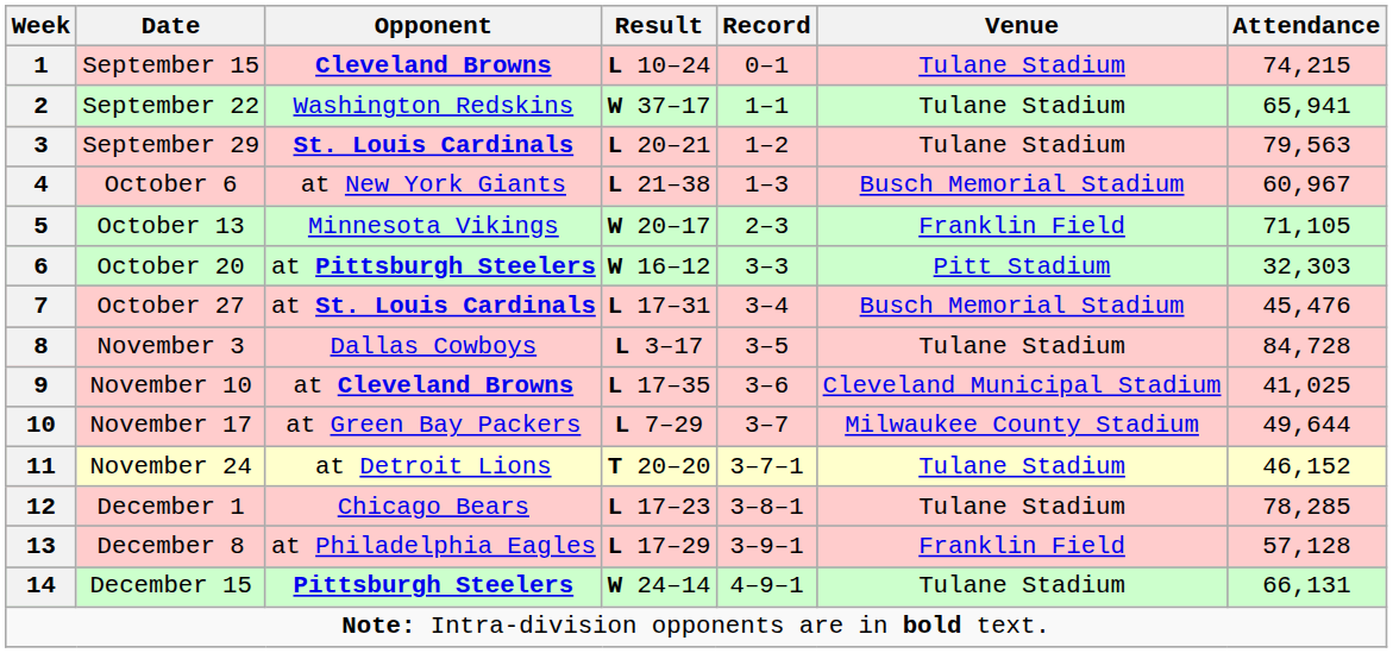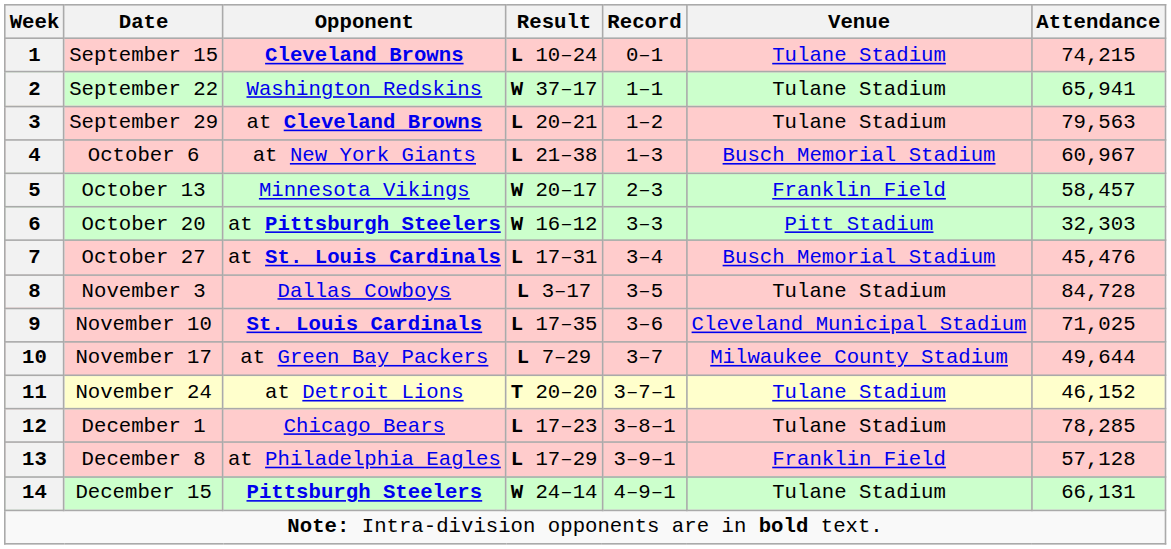 <table class="wikitable" style="text-align:center">
 <tr>
 <th>Week</th>
 <th>Date</th>
 <th>Opponent</th>
 <th>Result</th>
 <th>Record</th>
 <th>Venue</th>
 <th>Attendance</th>
 </tr>
 <tr style="background:#fcc">
 <th>1</th>
 <td>September 15</td>
 <td><strong><a href='#'>Cleveland Browns</a></strong></td>
 <td><strong>L</strong> 10–24</td>
 <td>0–1</td>
 <td><a href='#'>Tulane Stadium</a></td>
 <td>74,215</td>
 </tr>
 <tr style="background:#cfc">
 <th>2</th>
 <td>September 22</td>
 <td><a href='#'>Washington Redskins</a></td>
 <td><strong>W</strong> 37–17</td>
 <td>1–1</td>
 <td>Tulane Stadium</td>
 <td>65,941</td>
 </tr>
 <tr style="background:#fcc">
 <th>3</th>
 <td>September 29</td>
-<td><strong><a href='#'>St. Louis Cardinals</a></strong></td>
+<td>at <strong><a href='#'>Cleveland Browns</a></strong></td>
 <td><strong>L</strong> 20–21</td>
 <td>1–2</td>
 <td>Tulane Stadium</td>
 <td>79,563</td>
 </tr>
 <tr style="background:#fcc">
 <th>4</th>
 <td>October 6</td>
 <td>at <a href='#'>New York Giants</a></td>
 <td><strong>L</strong> 21–38</td>
 <td>1–3</td>
 <td><a href='#'>Busch Memorial Stadium</a></td>
 <td>60,967</td>
 </tr>
 <tr style="background:#cfc">
 <th>5</th>
 <td>October 13</td>
 <td><a href='#'>Minnesota Vikings</a></td>
 <td><strong>W</strong> 20–17</td>
 <td>2–3</td>
 <td><a href='#'>Franklin Field</a></td>
-<td>71,105</td>
+<td>58,457</td>
 </tr>
 <tr style="background:#cfc">
 <th>6</th>
 <td>October 20</td>
 <td>at <strong><a href='#'>Pittsburgh Steelers</a></strong></td>
 <td><strong>W</strong> 16–12</td>
 <td>3–3</td>
 <td><a href='#'>Pitt Stadium</a></td>
 <td>32,303</td>
 </tr>
 <tr style="background:#fcc">
 <th>7</th>
 <td>October 27</td>
 <td>at <strong><a href='#'>St. Louis Cardinals</a></strong></td>
 <td><strong>L</strong> 17–31</td>
 <td>3–4</td>
 <td><a href='#'>Busch Memorial Stadium</a></td>
 <td>45,476</td>
 </tr>
 <tr style="background:#fcc">
 <th>8</th>
 <td>November 3</td>
 <td><a href='#'>Dallas Cowboys</a></td>
 <td><strong>L</strong> 3–17</td>
 <td>3–5</td>
 <td>Tulane Stadium</td>
 <td>84,728</td>
 </tr>
 <tr style="background:#fcc">
 <th>9</th>
 <td>November 10</td>
-<td>at <strong><a href='#'>Cleveland Browns</a></strong></td>
+<td><strong><a href='#'>St. Louis Cardinals</a></strong></td>
 <td><strong>L</strong> 17–35</td>
 <td>3–6</td>
 <td><a href='#'>Cleveland Municipal Stadium</a></td>
-<td>41,025</td>
+<td>71,025</td>
 </tr>
 <tr style="background:#fcc">
 <th>10</th>
 <td>November 17</td>
 <td>at <a href='#'>Green Bay Packers</a></td>
 <td><strong>L</strong> 7–29</td>
 <td>3–7</td>
 <td><a href='#'>Milwaukee County Stadium</a></td>
 <td>49,644</td>
 </tr>
 <tr style="background:#ffc">
 <th>11</th>
 <td>November 24</td>
 <td>at <a href='#'>Detroit Lions</a></td>
 <td><strong>T</strong> 20–20</td>
 <td>3–7–1</td>
 <td><a href='#'>Tulane Stadium</a></td>
 <td>46,152</td>
 </tr>
 <tr style="background:#fcc">
 <th>12</th>
 <td>December 1</td>
 <td><a href='#'>Chicago Bears</a></td>
 <td><strong>L</strong> 17–23</td>
 <td>3–8–1</td>
 <td>Tulane Stadium</td>
 <td>78,285</td>
 </tr>
 <tr style="background:#fcc">
 <th>13</th>
 <td>December 8</td>
 <td>at <a href='#'>Philadelphia Eagles</a></td>
 <td><strong>L</strong> 17–29</td>
 <td>3–9–1</td>
 <td><a href='#'>Franklin Field</a></td>
 <td>57,128</td>
 </tr>
 <tr style="background:#cfc">
 <th>14</th>
 <td>December 15</td>
 <td><strong><a href='#'>Pittsburgh Steelers</a></strong></td>
 <td><strong>W</strong> 24–14</td>
 <td>4–9–1</td>
 <td>Tulane Stadium</td>
 <td>66,131</td>
 </tr>
 <tr>
 <td colspan="7"><strong>Note:</strong> Intra-division opponents are in <strong>bold</strong> text.</td>
 </tr>
 </table>
